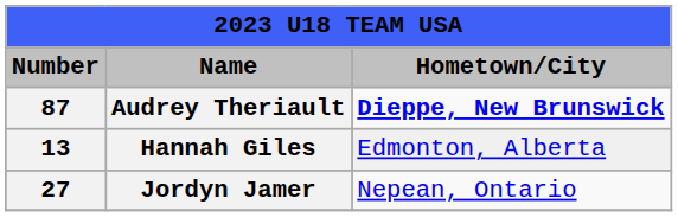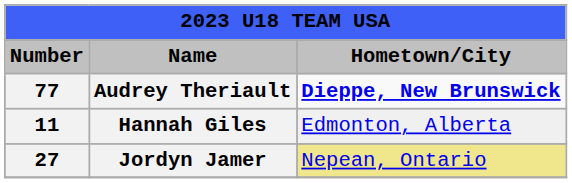 <table class="wikitable" style="text-align:left; font-size:90%;">
 <tr>
 <th style=background:#3E60F7 colspan=4>2023 U18 TEAM USA </th>
 </tr>
 <tr bgcolor="#f0f0f0">
 <th style="background:silver;">Number</th>
 <th style="background:silver;">Name</th>
 <th style="background:silver;">Hometown/City</th>
 </tr>
 <tr>
-<th align=left>87</th>
+<th align=left>77</th>
 <th align=left>Audrey Theriault</th>
 <td><strong><a href='#'>Dieppe, New Brunswick</a></strong></td>
 </tr>
 <tr bgcolor="#f0f0f0">
-<th align=left>13</th>
+<th align=left>11</th>
 <th align=left>Hannah Giles</th>
 <td><a href='#'>Edmonton, Alberta</a></td>
 </tr>
 <tr>
 <th align=left>27</th>
 <th align=left>Jordyn Jamer</th>
-<td><a href='#'>Nepean, Ontario</a></td>
+<td style="background: khaki;"><a href='#'>Nepean, Ontario</a></td>
 </tr>
 <tr bgcolor="#f0f0f0">
 </tr>
 </table>
